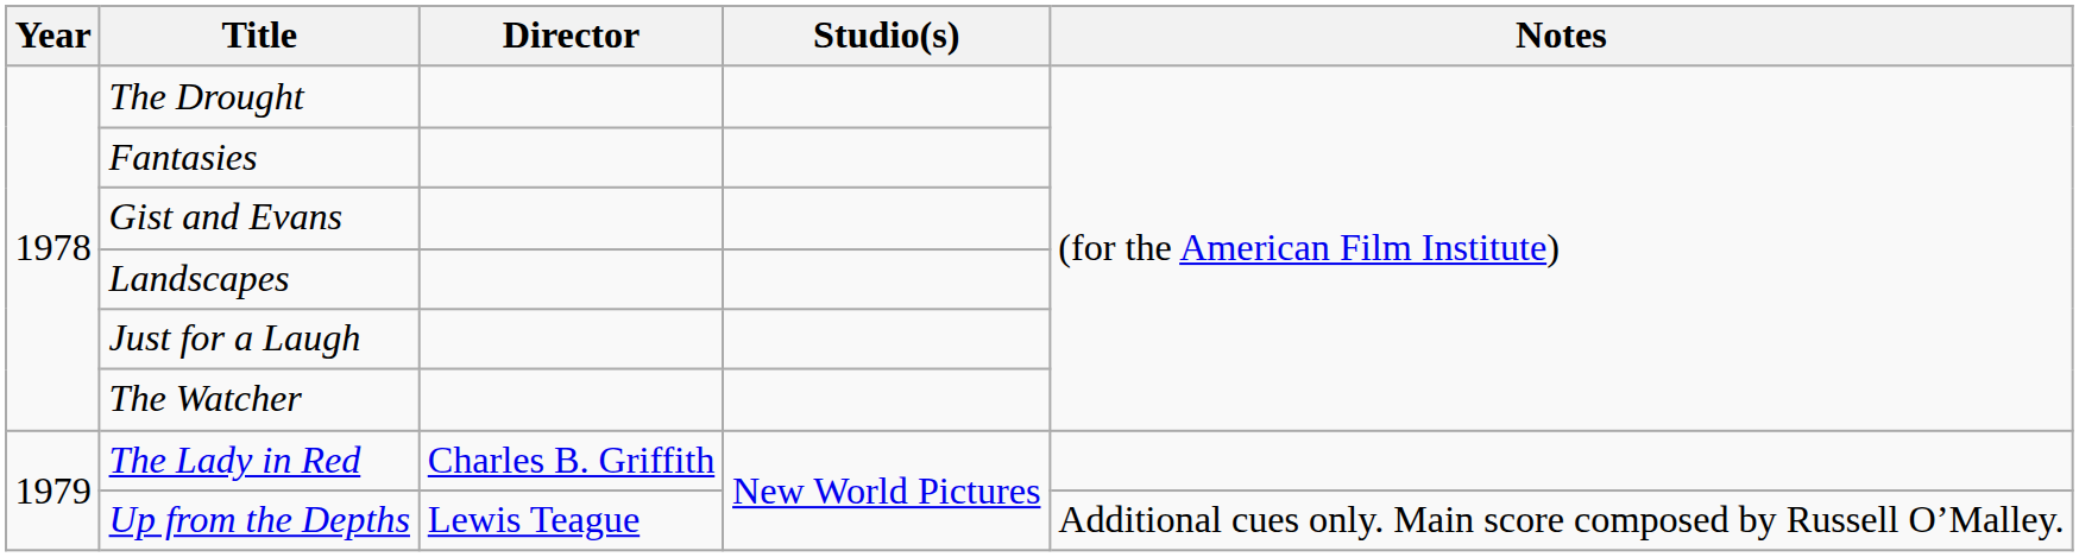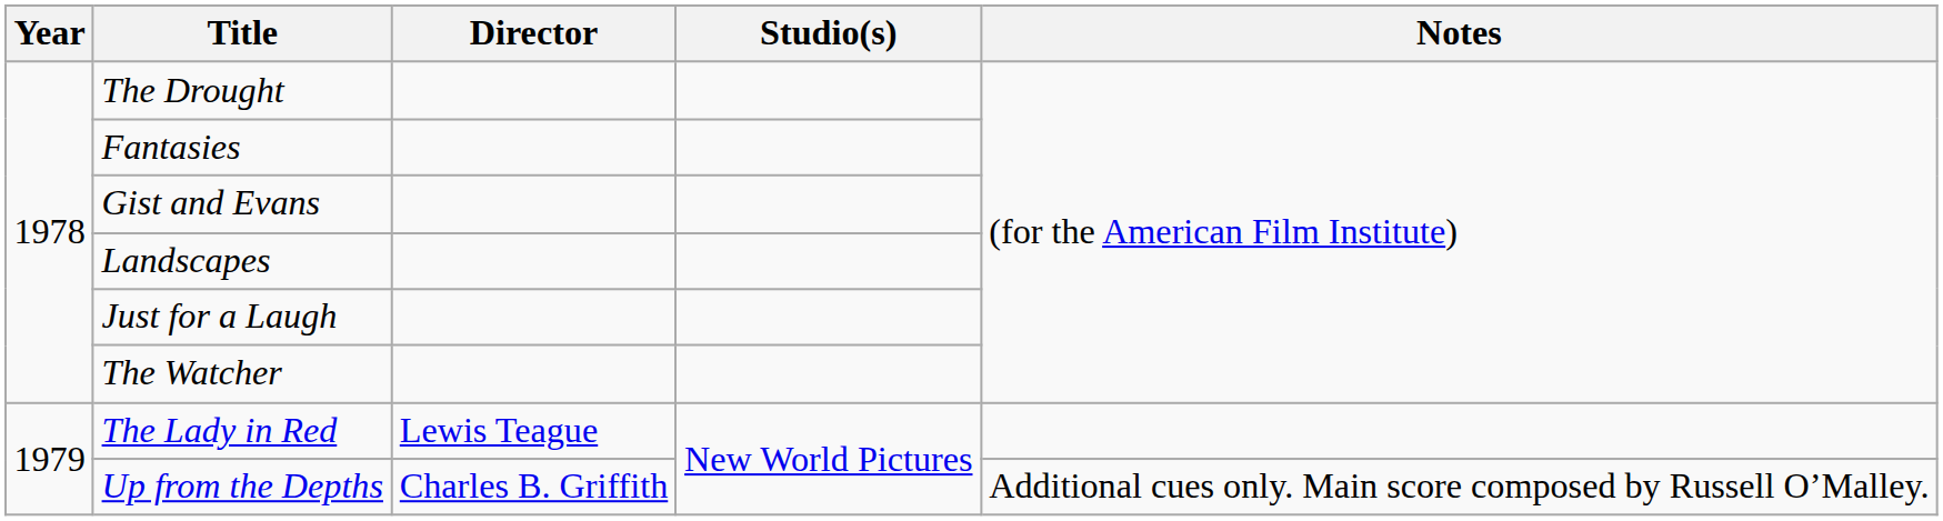 <table class="wikitable sortable">
 <tr>
 <th>Year</th>
 <th>Title</th>
 <th>Director</th>
 <th>Studio(s)</th>
 <th>Notes</th>
 </tr>
 <tr>
 <td rowspan="6">1978</td>
 <td><em>The Drought</em></td>
 <td></td>
 <td></td>
 <td rowspan="6">(for the <a href='#'>American Film Institute</a>)</td>
 </tr>
 <tr>
 <td><em>Fantasies</em></td>
 <td></td>
 <td></td>
 </tr>
 <tr>
 <td><em>Gist and Evans</em></td>
 <td></td>
 <td></td>
 </tr>
 <tr>
 <td><em>Landscapes</em></td>
 <td></td>
 <td></td>
 </tr>
 <tr>
 <td><em>Just for a Laugh</em></td>
 <td></td>
 <td></td>
 </tr>
 <tr>
 <td><em>The Watcher</em></td>
 <td></td>
 <td></td>
 </tr>
 <tr>
 <td rowspan="2">1979</td>
 <td><em><a href='#'>The Lady in Red</a></em></td>
-<td><a href='#'>Charles B. Griffith</a></td>
+<td><a href='#'>Lewis Teague</a></td>
 <td rowspan="2"><a href='#'>New World Pictures</a></td>
 <td></td>
 </tr>
 <tr>
 <td><em><a href='#'>Up from the Depths</a></em></td>
-<td><a href='#'>Lewis Teague</a></td>
+<td><a href='#'>Charles B. Griffith</a></td>
 <td>Additional cues only. Main score composed by Russell O’Malley.</td>
 </tr>
 </table>
